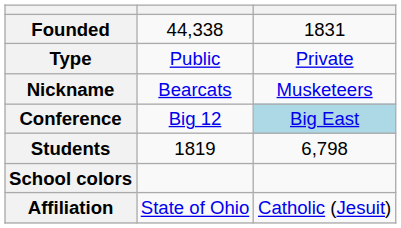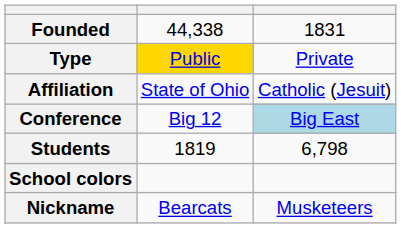 <table class="wikitable" style="float:right; clear:right; margin-left:1em; font-size:88%;">
 <tr>
 <th></th>
 <th><a href='#'></a></th>
 <th><a href='#'></a></th>
 </tr>
 <tr>
 <th scope=row>Founded</th>
 <td align=center>44,338</td>
 <td align=center>1831</td>
 </tr>
 <tr>
 <th scope=row>Type</th>
-<td align=center><a href='#'>Public</a></td>
+<td align=center style="background: gold;"><a href='#'>Public</a></td>
 <td align=center><a href='#'>Private</a></td>
 </tr>
 <tr>
-<th scope=row>Nickname</th>
-<td align=center><a href='#'>Bearcats</a></td>
-<td align=center><a href='#'>Musketeers</a></td>
+<th scope=row>Affiliation</th>
+<td align=center><a href='#'>State of Ohio</a></td>
+<td align=center><a href='#'>Catholic</a> (<a href='#'>Jesuit</a>)</td>
 </tr>
 <tr>
 <th scope=row>Conference</th>
 <td align=center><a href='#'>Big 12</a></td>
 <td align=center style="background: lightblue;"><a href='#'>Big East</a></td>
 </tr>
 <tr>
 <th scope=row>Students</th>
 <td align=center>1819</td>
 <td align=center>6,798</td>
 </tr>
 <tr>
 <th scope=row>School colors</th>
 <td align=center> </td>
 <td align=center> </td>
 </tr>
 <tr>
-<th scope=row>Affiliation</th>
-<td align=center><a href='#'>State of Ohio</a></td>
-<td align=center><a href='#'>Catholic</a> (<a href='#'>Jesuit</a>)</td>
+<th scope=row>Nickname</th>
+<td align=center><a href='#'>Bearcats</a></td>
+<td align=center><a href='#'>Musketeers</a></td>
 </tr>
 </table>
